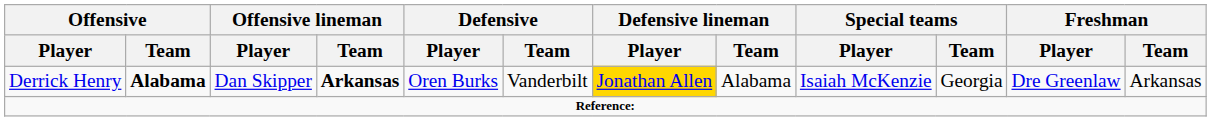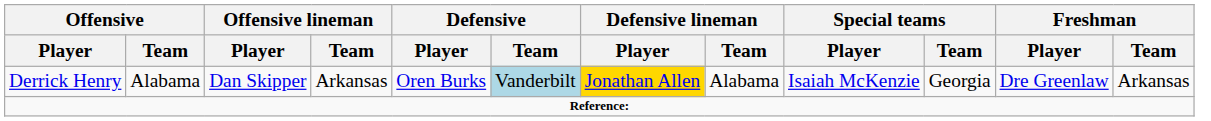 <table class="wikitable">
 <tr>
 <th colspan="2">Offensive</th>
 <th colspan="2">Offensive lineman</th>
 <th colspan="2">Defensive</th>
 <th colspan="2">Defensive lineman</th>
 <th colspan="2">Special teams</th>
 <th colspan="2">Freshman</th>
 </tr>
 <tr>
 <th>Player</th>
 <th>Team</th>
 <th>Player</th>
 <th>Team</th>
 <th>Player</th>
 <th>Team</th>
 <th>Player</th>
 <th>Team</th>
 <th>Player</th>
 <th>Team</th>
 <th>Player</th>
 <th>Team</th>
 </tr>
 <tr>
 <td><a href='#'>Derrick Henry</a></td>
-<td><strong>Alabama</strong></td>
+<td>Alabama</td>
 <td><a href='#'>Dan Skipper</a></td>
-<td><strong>Arkansas</strong></td>
+<td>Arkansas</td>
 <td><a href='#'>Oren Burks</a></td>
-<td>Vanderbilt</td>
+<td style="background: lightblue;">Vanderbilt</td>
 <td style="background: gold;"><a href='#'>Jonathan Allen</a></td>
 <td>Alabama</td>
 <td><a href='#'>Isaiah McKenzie</a></td>
 <td>Georgia</td>
 <td><a href='#'>Dre Greenlaw</a></td>
 <td>Arkansas</td>
 </tr>
 <tr>
 <td colspan="12"  style="font-size:8pt; text-align:center;"><strong>Reference:</strong></td>
 </tr>
 </table>
